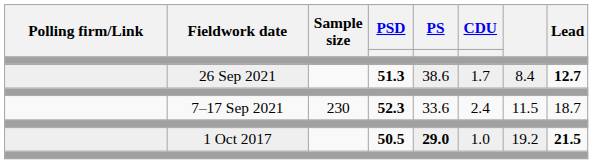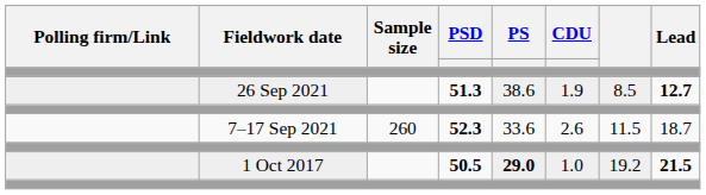 <table class="wikitable sortable mw-datatable" style="text-align:center;font-size:90%;line-height:16px;">
 <tr style="height:42px;">
 <th style="width:145px;" rowspan="2">Polling firm/Link</th>
 <th style="width:125px;" rowspan="2">Fieldwork date</th>
 <th class="unsortable" style="width:50px;" rowspan="2">Sample size</th>
 <th class="unsortable" style="width:35px;"><a href='#'>PSD</a></th>
 <th class="unsortable" style="width:35px;"><a href='#'>PS</a></th>
 <th class="unsortable" style="width:35px;"><a href='#'>CDU</a></th>
 <th class="unsortable" style="width:35px;" rowspan="2"></th>
 <th class="unsortable" style="width:30px;" rowspan="2">Lead</th>
 </tr>
 <tr>
 <th class="unsortable" style="color:inherit;background:"></th>
 <th class="unsortable" style="color:inherit;background:"></th>
 <th class="unsortable" style="color:inherit;background:"></th>
 </tr>
 <tr>
 <td colspan="12" style="background:#A0A0A0"></td>
 </tr>
 <tr>
 <td style="background:#EFEFEF;"><strong></strong></td>
 <td style="background:#EFEFEF;" data-sort-value="2019-10-06">26 Sep 2021</td>
 <td></td>
 <td><strong>51.3</strong><br></td>
 <td style="background:#EFEFEF;">38.6<br></td>
-<td style="background:#EFEFEF;">1.7<br></td>
-<td style="background:#EFEFEF;">8.4<br></td>
+<td style="background:#EFEFEF;">1.9<br></td>
+<td style="background:#EFEFEF;">8.5<br></td>
 <td style="background:"><strong>12.7</strong></td>
 </tr>
 <tr>
 <td colspan="12" style="background:#A0A0A0"></td>
 </tr>
 <tr>
 <td align="center"></td>
 <td align="center">7–17 Sep 2021</td>
-<td align="center">230</td>
+<td align="center">260</td>
 <td align="center" ><strong>52.3</strong></td>
 <td align="center">33.6</td>
-<td align="center">2.4</td>
+<td align="center">2.6</td>
 <td align="center">11.5</td>
 <td style="background:">18.7</td>
 </tr>
 <tr>
 <td colspan="12" style="background:#A0A0A0"></td>
 </tr>
 <tr>
 <td style="background:#EFEFEF;"><strong></strong></td>
 <td style="background:#EFEFEF;" data-sort-value="2019-10-06">1 Oct 2017</td>
 <td></td>
 <td><strong>50.5</strong><br></td>
 <td style="background:#EFEFEF;"><strong>29.0<br></strong></td>
 <td style="background:#EFEFEF;">1.0<br></td>
 <td style="background:#EFEFEF;">19.2<br></td>
 <td style="background:"><strong>21.5</strong></td>
 </tr>
 <tr>
 <td colspan="12" style="background:#A0A0A0"></td>
 </tr>
 </table>
